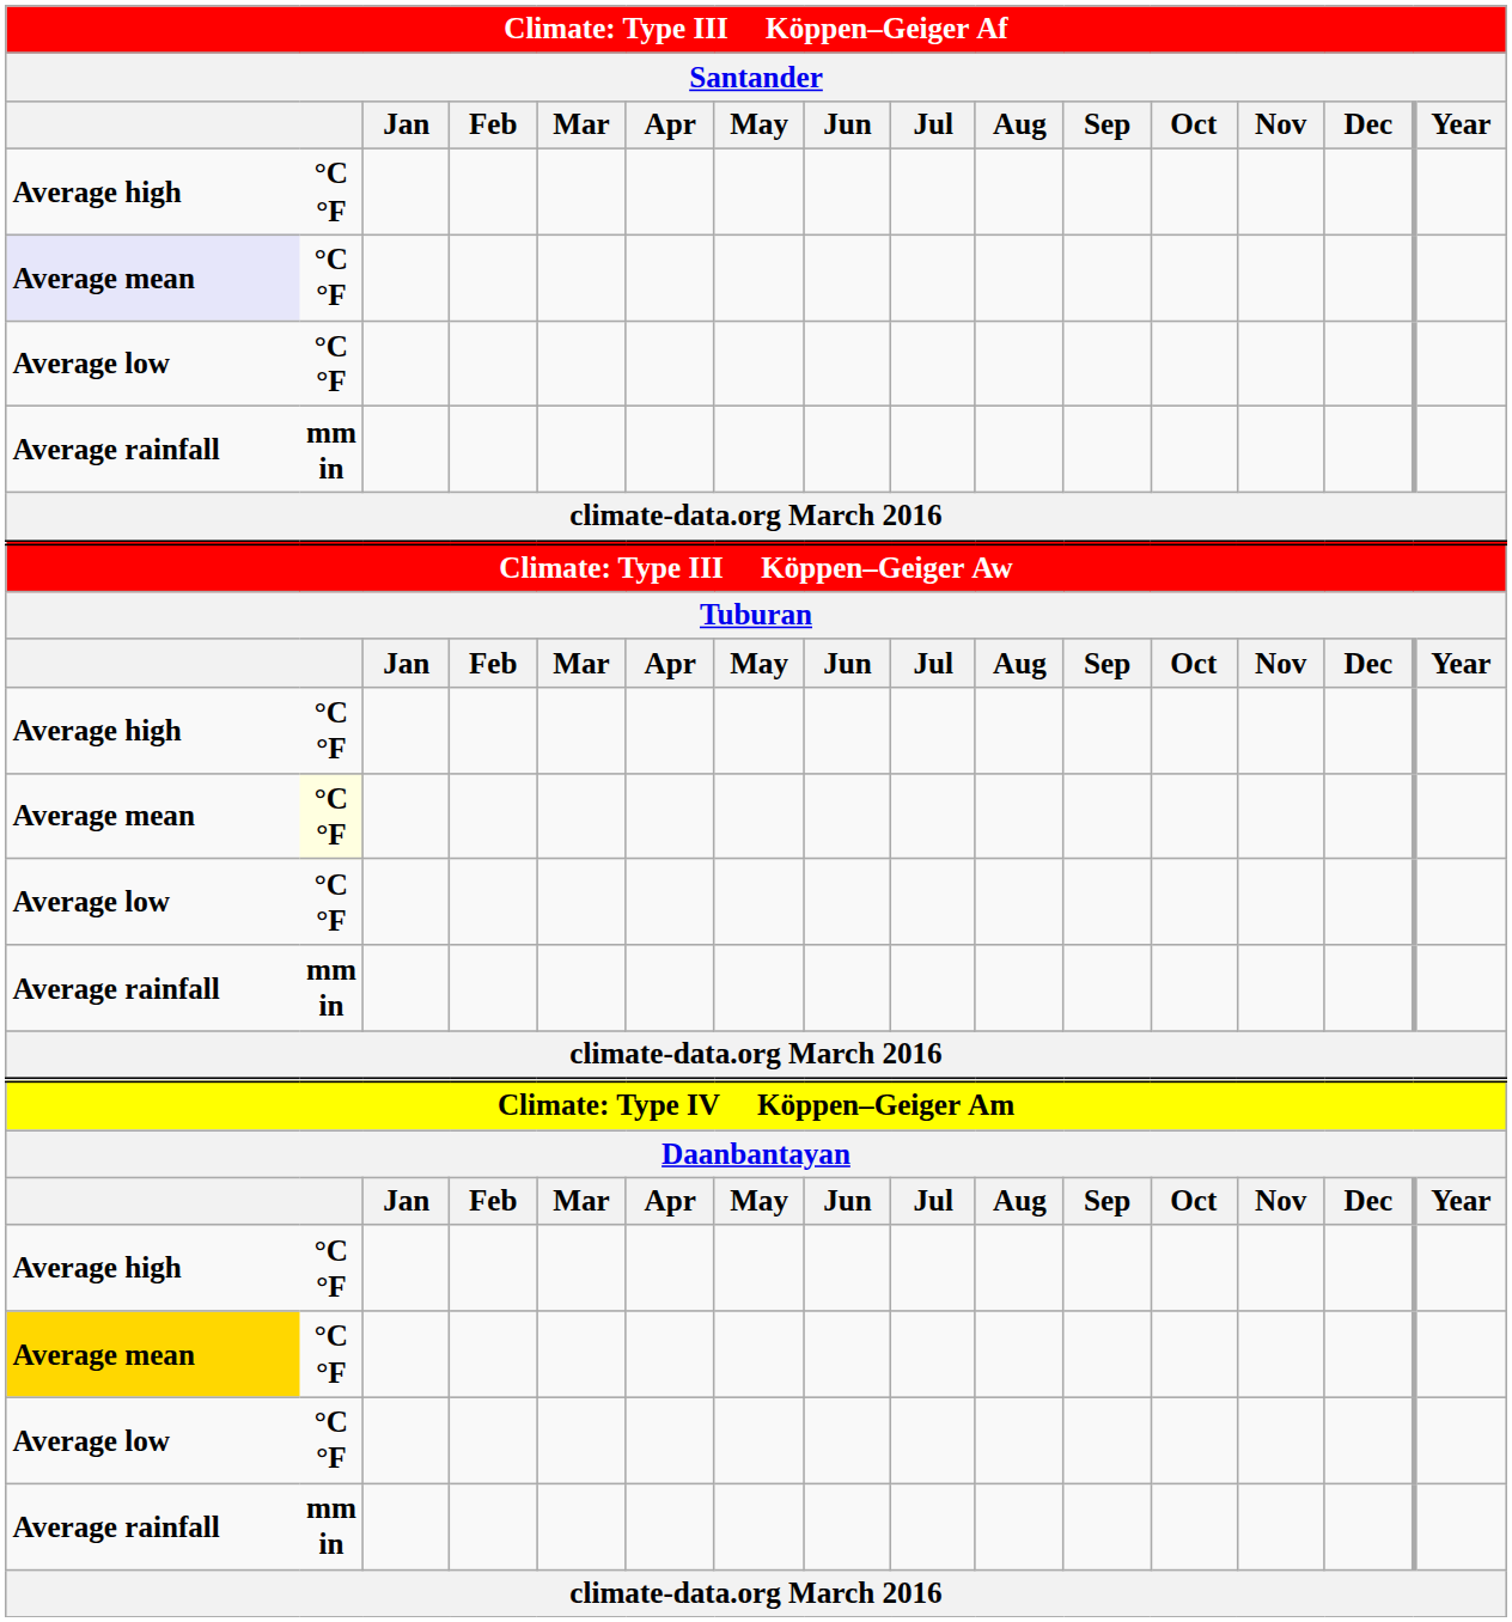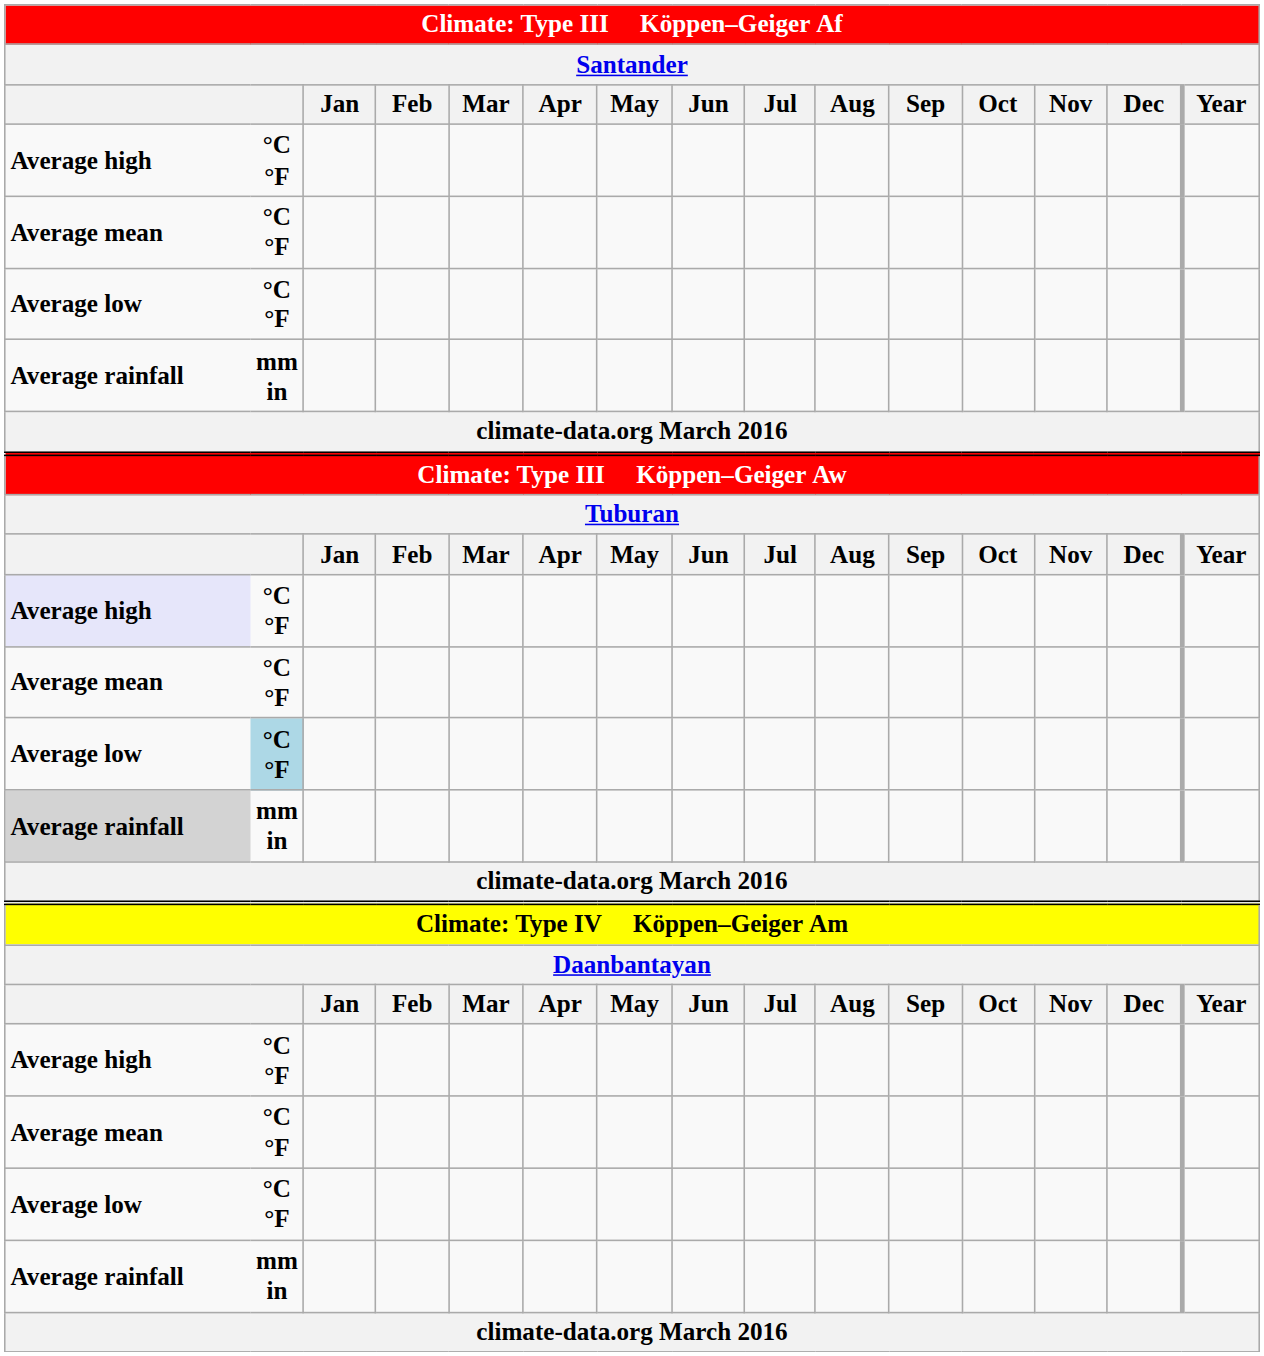 <table class="wikitable" style="text-align:right;padding-right:0;width:50em;">
 <tr>
 <th style="text-align:center;background-color:red;color:white;" colspan=15>Climate: Type III     Köppen–Geiger <strong>Af</strong></th>
 </tr>
 <tr>
 <th style="text-align:center;border-bottom:thin 0 white;" colspan=15><a href='#'>Santander</a></th>
 </tr>
 <tr>
 <th style="text-align:center;border-top:thin 0 white;" colspan=2></th>
 <th style="width:2.8em;text-align:center;">Jan</th>
 <th style="width:2.8em;text-align:center;">Feb</th>
 <th style="width:2.8em;text-align:center;">Mar</th>
 <th style="width:2.8em;text-align:center;">Apr</th>
 <th style="width:2.8em;text-align:center;">May</th>
 <th style="width:2.8em;text-align:center;">Jun</th>
 <th style="width:2.8em;text-align:center;">Jul</th>
 <th style="width:2.8em;text-align:center;">Aug</th>
 <th style="width:2.8em;text-align:center;">Sep</th>
 <th style="width:2.8em;text-align:center;">Oct</th>
 <th style="width:2.8em;text-align:center;">Nov</th>
 <th style="width:2.8em;text-align:center;">Dec</th>
 <th style="width:2.8em;border-left-width:medium;text-align:center;">Year</th>
 </tr>
 <tr style="line-height:1.2em;">
 <td style="text-align:left;border-right:0;width:12em;font-weight:bold;">Average high</td>
 <td style="text-align:center;border-left:0;width:1em;font-weight:bold;">°C<br>°F</td>
 <td></td>
 <td></td>
 <td></td>
 <td></td>
 <td></td>
 <td></td>
 <td></td>
 <td></td>
 <td></td>
 <td></td>
 <td></td>
 <td></td>
 <td style="border-left-width:medium;"></td>
 </tr>
 <tr style="line-height:1.2em;">
-<td style="background: lavender; text-align:left;border-right:0;font-weight:bold;">Average mean</td>
+<td style="text-align:left;border-right:0;font-weight:bold;">Average mean</td>
 <td style="text-align:center;border-left:0;font-weight:bold;">°C<br>°F</td>
 <td></td>
 <td></td>
 <td></td>
 <td></td>
 <td></td>
 <td></td>
 <td></td>
 <td></td>
 <td></td>
 <td></td>
 <td></td>
 <td></td>
 <td style="border-left-width:medium;"></td>
 </tr>
 <tr style="line-height:1.2em;">
 <td style="text-align:left;border-right:0;font-weight:bold;">Average low</td>
 <td style="text-align:center;border-left:0;font-weight:bold;">°C<br>°F</td>
 <td></td>
 <td></td>
 <td></td>
 <td></td>
 <td></td>
 <td></td>
 <td></td>
 <td></td>
 <td></td>
 <td></td>
 <td></td>
 <td></td>
 <td style="border-left-width:medium;"></td>
 </tr>
 <tr style="line-height:1.2em;">
 <td style="text-align:left;border-right:0;font-weight:bold;">Average rainfall</td>
 <td style="text-align:center;border-left:0;font-weight:bold;">mm<br>in</td>
 <td></td>
 <td></td>
 <td></td>
 <td></td>
 <td></td>
 <td></td>
 <td></td>
 <td></td>
 <td></td>
 <td></td>
 <td></td>
 <td></td>
 <td style="border-left-width:medium;"></td>
 </tr>
 <tr>
 <th style="text-align:center;" colspan=15>climate-data.org March 2016</th>
 </tr>
 <tr>
 <th style="text-align:center;background-color:red;color:white;border-top:medium double black;" colspan=15>Climate: Type III     Köppen–Geiger <strong>Aw</strong></th>
 </tr>
 <tr>
 <th style="text-align:center;border-bottom:thin 0 white;" colspan=15><a href='#'>Tuburan</a></th>
 </tr>
 <tr>
 <th style="text-align:center;border-top:thin 0 white;" colspan=2></th>
 <th style="text-align:center;">Jan</th>
 <th style="text-align:center;">Feb</th>
 <th style="text-align:center;">Mar</th>
 <th style="text-align:center;">Apr</th>
 <th style="text-align:center;">May</th>
 <th style="text-align:center;">Jun</th>
 <th style="text-align:center;">Jul</th>
 <th style="text-align:center;">Aug</th>
 <th style="text-align:center;">Sep</th>
 <th style="text-align:center;">Oct</th>
 <th style="text-align:center;">Nov</th>
 <th style="text-align:center;">Dec</th>
 <th style="border-left-width:medium;text-align:center;">Year</th>
 </tr>
 <tr style="line-height:1.2em;">
-<td style="text-align:left;border-right:0;font-weight:bold;">Average high</td>
+<td style="background: lavender; text-align:left;border-right:0;font-weight:bold;">Average high</td>
 <td style="text-align:center;border-left:0;font-weight:bold;">°C<br>°F</td>
 <td></td>
 <td></td>
 <td></td>
 <td></td>
 <td></td>
 <td></td>
 <td></td>
 <td></td>
 <td></td>
 <td></td>
 <td></td>
 <td></td>
 <td style="border-left-width:medium;"></td>
 </tr>
 <tr style="line-height:1.2em;">
 <td style="text-align:left;border-right:0;font-weight:bold;">Average mean</td>
-<td style="background: lightyellow; text-align:center;border-left:0;font-weight:bold;">°C<br>°F</td>
+<td style="text-align:center;border-left:0;font-weight:bold;">°C<br>°F</td>
 <td></td>
 <td></td>
 <td></td>
 <td></td>
 <td></td>
 <td></td>
 <td></td>
 <td></td>
 <td></td>
 <td></td>
 <td></td>
 <td></td>
 <td style="border-left-width:medium;"></td>
 </tr>
 <tr style="line-height:1.2em;">
 <td style="text-align:left;border-right:0;font-weight:bold;">Average low</td>
-<td style="text-align:center;border-left:0;font-weight:bold;">°C<br>°F</td>
+<td style="background: lightblue; text-align:center;border-left:0;font-weight:bold;">°C<br>°F</td>
 <td></td>
 <td></td>
 <td></td>
 <td></td>
 <td></td>
 <td></td>
 <td></td>
 <td></td>
 <td></td>
 <td></td>
 <td></td>
 <td></td>
 <td style="border-left-width:medium;"></td>
 </tr>
 <tr style="line-height:1.2em;">
-<td style="text-align:left;border-right:0;font-weight:bold;">Average rainfall</td>
+<td style="background: lightgrey; text-align:left;border-right:0;font-weight:bold;">Average rainfall</td>
 <td style="text-align:center;border-left:0;font-weight:bold;">mm<br>in</td>
 <td></td>
 <td></td>
 <td></td>
 <td></td>
 <td></td>
 <td></td>
 <td></td>
 <td></td>
 <td></td>
 <td></td>
 <td></td>
 <td></td>
 <td style="border-left-width:medium;"></td>
 </tr>
 <tr>
 <th style="text-align:center;" colspan=15>climate-data.org March 2016</th>
 </tr>
 <tr>
 <th style="text-align:center;background-color:yellow;color:black;border-top:medium double;" colspan=15>Climate: Type IV     Köppen–Geiger <strong>Am</strong></th>
 </tr>
 <tr>
 <th style="text-align:center;border-bottom:thin 0 white;" colspan=15><a href='#'>Daanbantayan</a></th>
 </tr>
 <tr>
 <th style="text-align:center;border-top:thin 0 white;" colspan=2></th>
 <th style="text-align:center;">Jan</th>
 <th style="text-align:center;">Feb</th>
 <th style="text-align:center;">Mar</th>
 <th style="text-align:center;">Apr</th>
 <th style="text-align:center;">May</th>
 <th style="text-align:center;">Jun</th>
 <th style="text-align:center;">Jul</th>
 <th style="text-align:center;">Aug</th>
 <th style="text-align:center;">Sep</th>
 <th style="text-align:center;">Oct</th>
 <th style="text-align:center;">Nov</th>
 <th style="text-align:center;">Dec</th>
 <th style="border-left-width:medium;text-align:center;">Year</th>
 </tr>
 <tr style="line-height:1.2em;">
 <td style="text-align:left;border-right:0;font-weight:bold;">Average high</td>
 <td style="text-align:center;border-left:0;font-weight:bold;">°C<br>°F</td>
 <td></td>
 <td></td>
 <td></td>
 <td></td>
 <td></td>
 <td></td>
 <td></td>
 <td></td>
 <td></td>
 <td></td>
 <td></td>
 <td></td>
 <td style="border-left-width:medium;"></td>
 </tr>
 <tr style="line-height:1.2em;">
-<td style="background: gold; text-align:left;border-right:0;font-weight:bold;">Average mean</td>
+<td style="text-align:left;border-right:0;font-weight:bold;">Average mean</td>
 <td style="text-align:center;border-left:0;font-weight:bold;">°C<br>°F</td>
 <td></td>
 <td></td>
 <td></td>
 <td></td>
 <td></td>
 <td></td>
 <td></td>
 <td></td>
 <td></td>
 <td></td>
 <td></td>
 <td></td>
 <td style="border-left-width:medium;"></td>
 </tr>
 <tr style="line-height:1.2em;">
 <td style="text-align:left;border-right:0;font-weight:bold;">Average low</td>
 <td style="text-align:center;border-left:0;font-weight:bold;">°C<br>°F</td>
 <td></td>
 <td></td>
 <td></td>
 <td></td>
 <td></td>
 <td></td>
 <td></td>
 <td></td>
 <td></td>
 <td></td>
 <td></td>
 <td></td>
 <td style="border-left-width:medium;"></td>
 </tr>
 <tr style="line-height:1.2em;">
 <td style="text-align:left;border-right:0;font-weight:bold;">Average rainfall</td>
 <td style="text-align:center;border-left:0;font-weight:bold;">mm<br>in</td>
 <td></td>
 <td></td>
 <td></td>
 <td></td>
 <td></td>
 <td></td>
 <td></td>
 <td></td>
 <td></td>
 <td></td>
 <td></td>
 <td></td>
 <td style="border-left-width:medium;"></td>
 </tr>
 <tr>
 <th style="text-align:center;" colspan=15>climate-data.org March 2016</th>
 </tr>
 </table>
